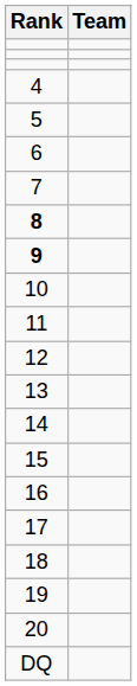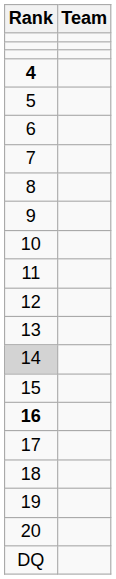 <table class=wikitable style="text-align:left;">
 <tr>
 <th>Rank</th>
 <th>Team</th>
 </tr>
 <tr>
 <td align=center></td>
 <td></td>
 </tr>
 <tr>
 <td align=center></td>
 <td></td>
 </tr>
 <tr>
 <td align=center></td>
 <td></td>
 </tr>
 <tr>
-<td align=center>4</td>
+<td align=center><strong>4</strong></td>
 <td></td>
 </tr>
 <tr>
 <td align=center>5</td>
 <td></td>
 </tr>
 <tr>
 <td align=center>6</td>
 <td></td>
 </tr>
 <tr>
 <td align=center>7</td>
 <td></td>
 </tr>
 <tr>
-<td align=center><strong>8</strong></td>
+<td align=center>8</td>
 <td></td>
 </tr>
 <tr>
-<td align=center><strong>9</strong></td>
+<td align=center>9</td>
 <td></td>
 </tr>
 <tr>
 <td align=center>10</td>
 <td></td>
 </tr>
 <tr>
 <td align=center>11</td>
 <td></td>
 </tr>
 <tr>
 <td align=center>12</td>
 <td></td>
 </tr>
 <tr>
 <td align=center>13</td>
 <td></td>
 </tr>
 <tr>
-<td align=center>14</td>
+<td align=center style="background: lightgrey;">14</td>
 <td></td>
 </tr>
 <tr>
 <td align=center>15</td>
 <td></td>
 </tr>
 <tr>
-<td align=center>16</td>
+<td align=center><strong>16</strong></td>
 <td></td>
 </tr>
 <tr>
 <td align=center>17</td>
 <td></td>
 </tr>
 <tr>
 <td align=center>18</td>
 <td></td>
 </tr>
 <tr>
 <td align=center>19</td>
 <td></td>
 </tr>
 <tr>
 <td align=center>20</td>
 <td></td>
 </tr>
 <tr>
 <td align=center>DQ</td>
 <td><s></s></td>
 </tr>
 </table>
